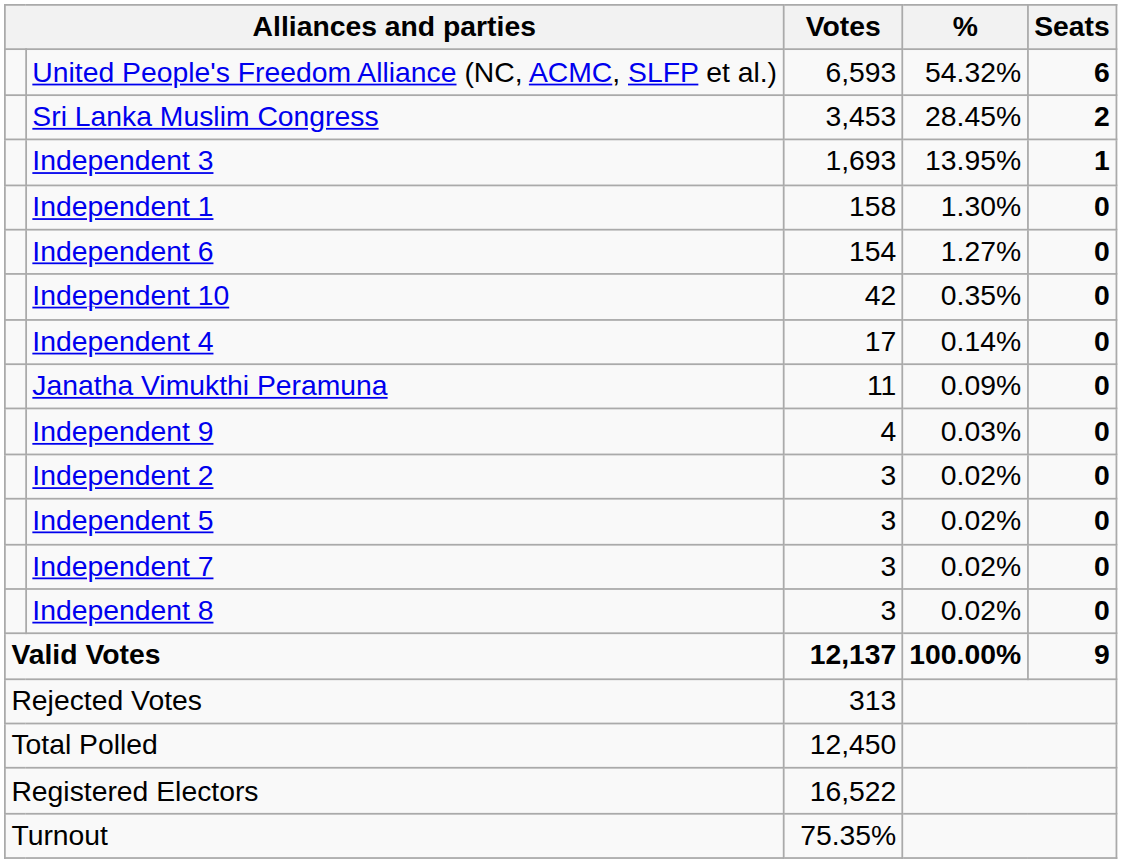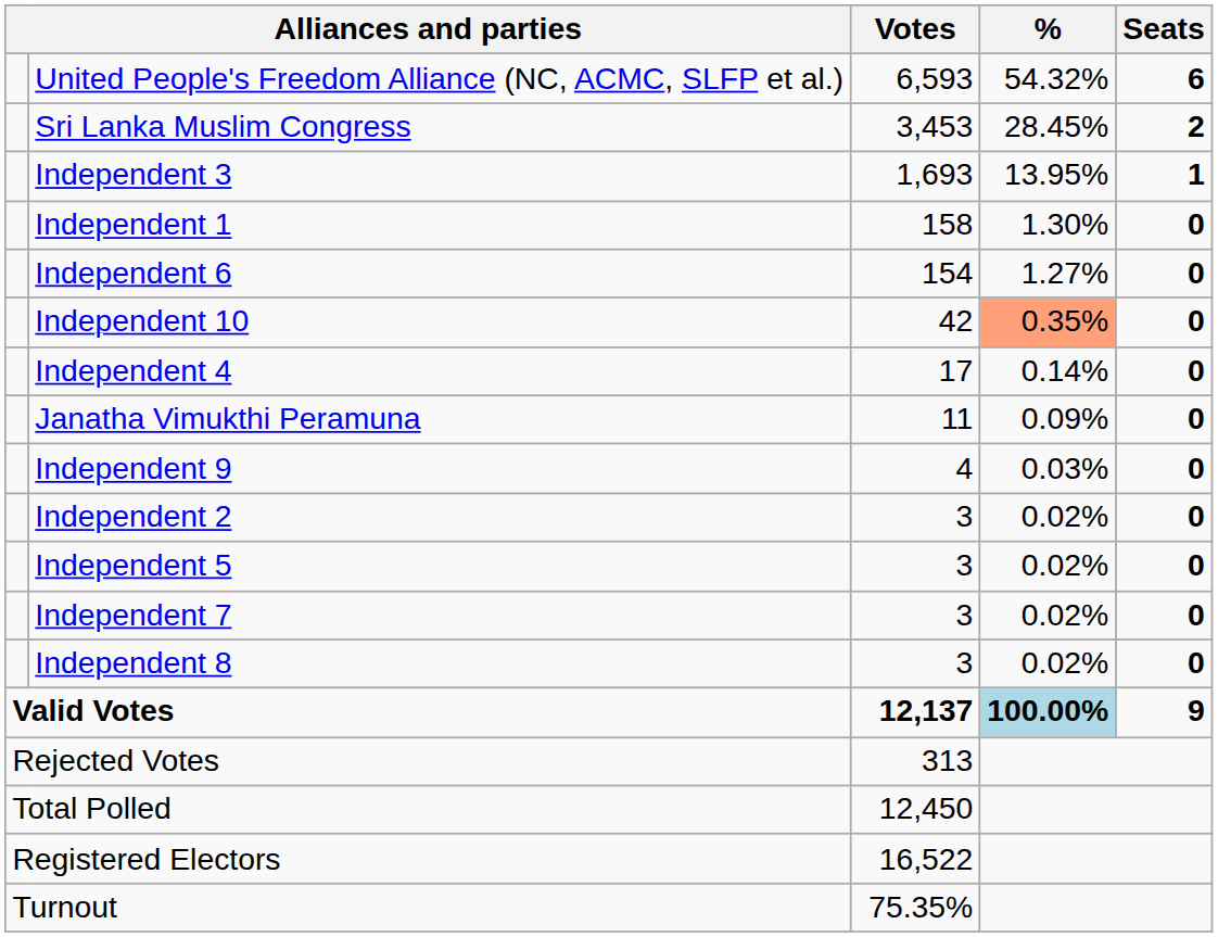 <table class="wikitable" border="1" style="text-align:right;">
 <tr>
 <th valign=bottom align=left colspan=2>Alliances and parties</th>
 <th valign=bottom align=center width="60">Votes</th>
 <th valign=bottom align=center width="50">%</th>
 <th valign=bottom align=center>Seats</th>
 </tr>
 <tr>
 <td bgcolor=> </td>
 <td align=left><a href='#'>United People's Freedom Alliance</a> (NC, <a href='#'>ACMC</a>, <a href='#'>SLFP</a> et al.)</td>
 <td>6,593</td>
 <td>54.32%</td>
 <td><strong>6</strong></td>
 </tr>
 <tr>
 <td bgcolor=> </td>
 <td align=left><a href='#'>Sri Lanka Muslim Congress</a></td>
 <td>3,453</td>
 <td>28.45%</td>
 <td><strong>2</strong></td>
 </tr>
 <tr>
 <td></td>
 <td align=left><a href='#'>Independent 3</a></td>
 <td>1,693</td>
 <td>13.95%</td>
 <td><strong>1</strong></td>
 </tr>
 <tr>
 <td></td>
 <td align=left><a href='#'>Independent 1</a></td>
 <td>158</td>
 <td>1.30%</td>
 <td><strong>0</strong></td>
 </tr>
 <tr>
 <td></td>
 <td align=left><a href='#'>Independent 6</a></td>
 <td>154</td>
 <td>1.27%</td>
 <td><strong>0</strong></td>
 </tr>
 <tr>
 <td></td>
 <td align=left><a href='#'>Independent 10</a></td>
 <td>42</td>
-<td>0.35%</td>
+<td style="background: lightsalmon;">0.35%</td>
 <td><strong>0</strong></td>
 </tr>
 <tr>
 <td></td>
 <td align=left><a href='#'>Independent 4</a></td>
 <td>17</td>
 <td>0.14%</td>
 <td><strong>0</strong></td>
 </tr>
 <tr>
 <td bgcolor=> </td>
 <td align=left><a href='#'>Janatha Vimukthi Peramuna</a></td>
 <td>11</td>
 <td>0.09%</td>
 <td><strong>0</strong></td>
 </tr>
 <tr>
 <td></td>
 <td align=left><a href='#'>Independent 9</a></td>
 <td>4</td>
 <td>0.03%</td>
 <td><strong>0</strong></td>
 </tr>
 <tr>
 <td></td>
 <td align=left><a href='#'>Independent 2</a></td>
 <td>3</td>
 <td>0.02%</td>
 <td><strong>0</strong></td>
 </tr>
 <tr>
 <td></td>
 <td align=left><a href='#'>Independent 5</a></td>
 <td>3</td>
 <td>0.02%</td>
 <td><strong>0</strong></td>
 </tr>
 <tr>
 <td></td>
 <td align=left><a href='#'>Independent 7</a></td>
 <td>3</td>
 <td>0.02%</td>
 <td><strong>0</strong></td>
 </tr>
 <tr>
 <td></td>
 <td align=left><a href='#'>Independent 8</a></td>
 <td>3</td>
 <td>0.02%</td>
 <td><strong>0</strong></td>
 </tr>
 <tr>
 <td colspan=2 align=left><strong>Valid Votes</strong></td>
 <td><strong>12,137</strong></td>
-<td><strong>100.00%</strong></td>
+<td style="background: lightblue;"><strong>100.00%</strong></td>
 <td><strong>9</strong></td>
 </tr>
 <tr>
 <td colspan=2 align=left>Rejected Votes</td>
 <td>313</td>
 <td colspan=2></td>
 </tr>
 <tr>
 <td colspan=2 align=left>Total Polled</td>
 <td>12,450</td>
 <td colspan=2></td>
 </tr>
 <tr>
 <td colspan=2 align=left>Registered Electors</td>
 <td>16,522</td>
 <td colspan=2></td>
 </tr>
 <tr>
 <td colspan=2 align=left>Turnout</td>
 <td>75.35%</td>
 <td colspan=2></td>
 </tr>
 </table>
